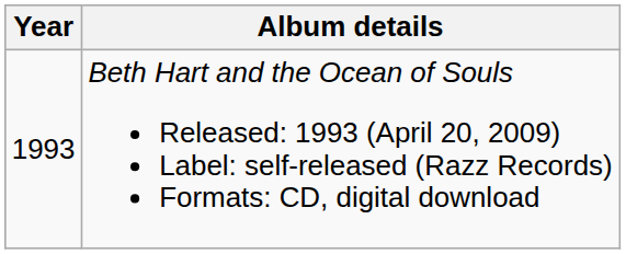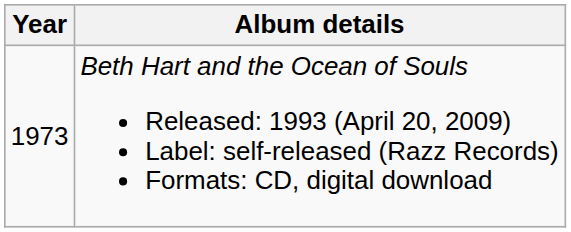 <table class=wikitable style=text-align:center;>
 <tr>
 <th>Year</th>
 <th>Album details</th>
 </tr>
 <tr>
-<td>1993</td>
+<td>1973</td>
 <td align=left><em>Beth Hart and the Ocean of Souls</em><br><ul><li>Released: 1993 (April 20, 2009)</li><li>Label: self-released (Razz Records)</li><li>Formats: CD, digital download</li></ul></td>
 </tr>
 </table>
